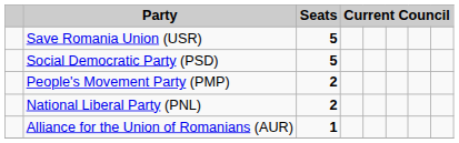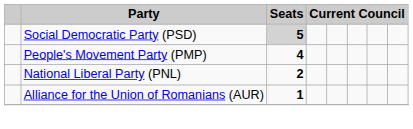 <table class="wikitable">
 <tr>
 <th style="background:#ccc">   </th>
 <th style="background:#ccc">Party</th>
 <th style="background:#ccc">Seats</th>
 <th style="background:#ccc" colspan="5">Current Council</th>
 </tr>
 <tr>
 <td>  </td>
-<td><a href='#'>Save Romania Union</a> (USR)</td>
-<td style="text-align: right"><strong>5</strong></td>
-<td>  </td>
-<td>  </td>
-<td>  </td>
-<td>  </td>
-<td>  </td>
-</tr>
-<tr>
-<td>  </td>
 <td><a href='#'>Social Democratic Party</a> (PSD)</td>
-<td style="text-align: right"><strong>5</strong></td>
+<td style="background: lightgrey; text-align: right"><strong>5</strong></td>
 <td>  </td>
 <td>  </td>
 <td>  </td>
 <td>  </td>
 <td>  </td>
 </tr>
 <tr>
 <td>  </td>
 <td><a href='#'>People's Movement Party</a> (PMP)</td>
-<td style="text-align: right"><strong>2</strong></td>
+<td style="text-align: right"><strong>4</strong></td>
 <td>  </td>
 <td>  </td>
 <td> </td>
 <td> </td>
 <td> </td>
 </tr>
 <tr>
 <td>  </td>
 <td><a href='#'>National Liberal Party</a> (PNL)</td>
 <td style="text-align: right"><strong>2</strong></td>
 <td>  </td>
 <td>  </td>
 <td> </td>
 <td> </td>
 <td> </td>
 </tr>
 <tr>
 <td style="background:"> </td>
 <td><a href='#'>Alliance for the Union of Romanians</a> (AUR)</td>
 <td style="text-align: right"><strong>1</strong></td>
 <td style="background:"> </td>
 <td> </td>
 <td> </td>
 <td> </td>
 <td> </td>
 </tr>
 <tr>
 </tr>
 </table>
